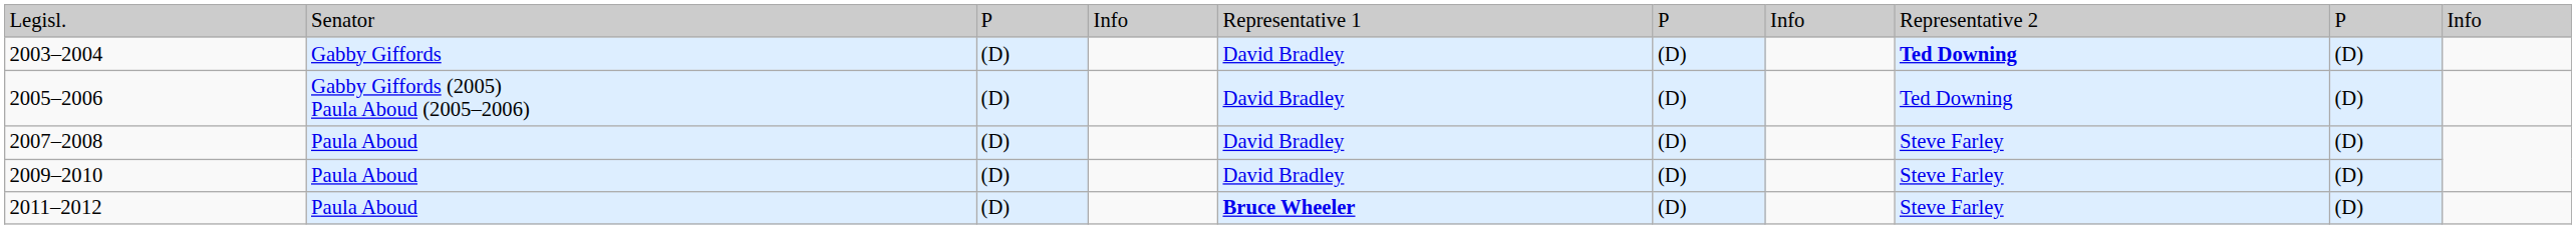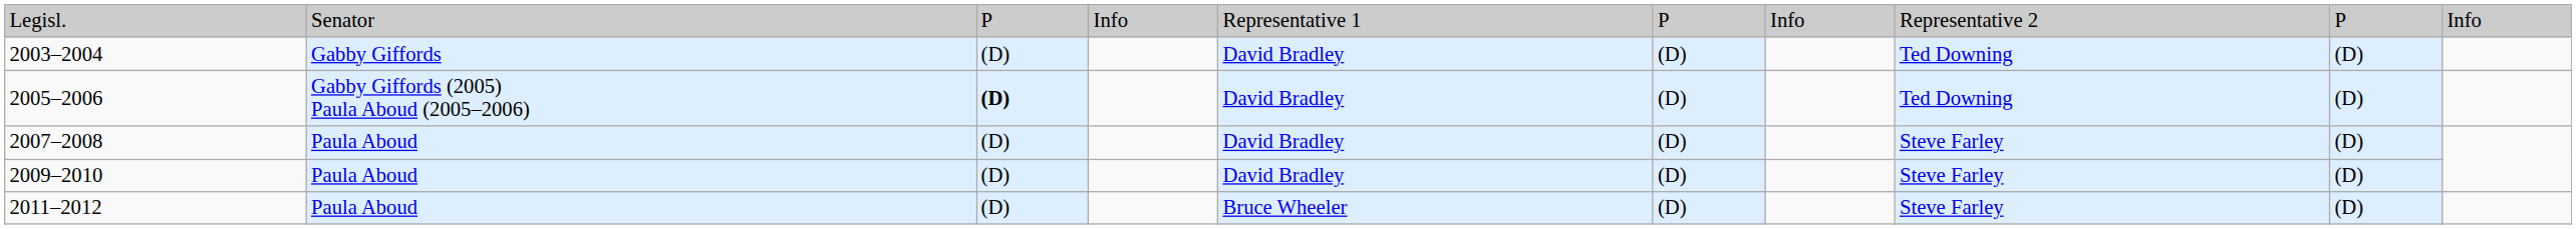 <table class=wikitable width="100%" border="1">
 <tr style="background-color:#cccccc;">
 <td>Legisl.</td>
 <td>Senator</td>
 <td>P</td>
 <td>Info</td>
 <td>Representative 1</td>
 <td>P</td>
 <td>Info</td>
 <td>Representative 2</td>
 <td>P</td>
 <td>Info</td>
 </tr>
 <tr>
 <td>2003–2004</td>
 <td style="background:#DDEEFF"><a href='#'>Gabby Giffords</a></td>
 <td style="background:#DDEEFF">(D)</td>
 <td></td>
 <td style="background:#DDEEFF"><a href='#'>David Bradley</a></td>
 <td style="background:#DDEEFF">(D)</td>
 <td></td>
-<td style="background:#DDEEFF"><strong><a href='#'>Ted Downing</a></strong></td>
+<td style="background:#DDEEFF"><a href='#'>Ted Downing</a></td>
 <td style="background:#DDEEFF">(D)</td>
 <td></td>
 </tr>
 <tr>
 <td>2005–2006</td>
 <td style="background:#DDEEFF"><a href='#'>Gabby Giffords</a> (2005) <br> <a href='#'>Paula Aboud</a> (2005–2006)</td>
-<td style="background:#DDEEFF">(D)</td>
+<td style="background:#DDEEFF"><strong>(D)</strong></td>
 <td></td>
 <td style="background:#DDEEFF"><a href='#'>David Bradley</a></td>
 <td style="background:#DDEEFF">(D)</td>
 <td></td>
 <td style="background:#DDEEFF"><a href='#'>Ted Downing</a></td>
 <td style="background:#DDEEFF">(D)</td>
 <td></td>
 </tr>
 <tr>
 <td>2007–2008</td>
 <td style="background:#DDEEFF"><a href='#'>Paula Aboud</a></td>
 <td style="background:#DDEEFF">(D)</td>
 <td></td>
 <td style="background:#DDEEFF"><a href='#'>David Bradley</a></td>
 <td style="background:#DDEEFF">(D)</td>
 <td></td>
 <td style="background:#DDEEFF"><a href='#'>Steve Farley</a></td>
 <td style="background:#DDEEFF">(D)</td>
 </tr>
 <tr>
 <td>2009–2010</td>
 <td style="background:#DDEEFF"><a href='#'>Paula Aboud</a></td>
 <td style="background:#DDEEFF">(D)</td>
 <td></td>
 <td style="background:#DDEEFF"><a href='#'>David Bradley</a></td>
 <td style="background:#DDEEFF">(D)</td>
 <td></td>
 <td style="background:#DDEEFF"><a href='#'>Steve Farley</a></td>
 <td style="background:#DDEEFF">(D)</td>
 </tr>
 <tr>
 <td>2011–2012</td>
 <td style="background:#DDEEFF"><a href='#'>Paula Aboud</a></td>
 <td style="background:#DDEEFF">(D)</td>
 <td></td>
-<td style="background:#DDEEFF"><strong><a href='#'>Bruce Wheeler</a></strong></td>
+<td style="background:#DDEEFF"><a href='#'>Bruce Wheeler</a></td>
 <td style="background:#DDEEFF">(D)</td>
 <td></td>
 <td style="background:#DDEEFF"><a href='#'>Steve Farley</a></td>
 <td style="background:#DDEEFF">(D)</td>
 <td></td>
 </tr>
 </table>
